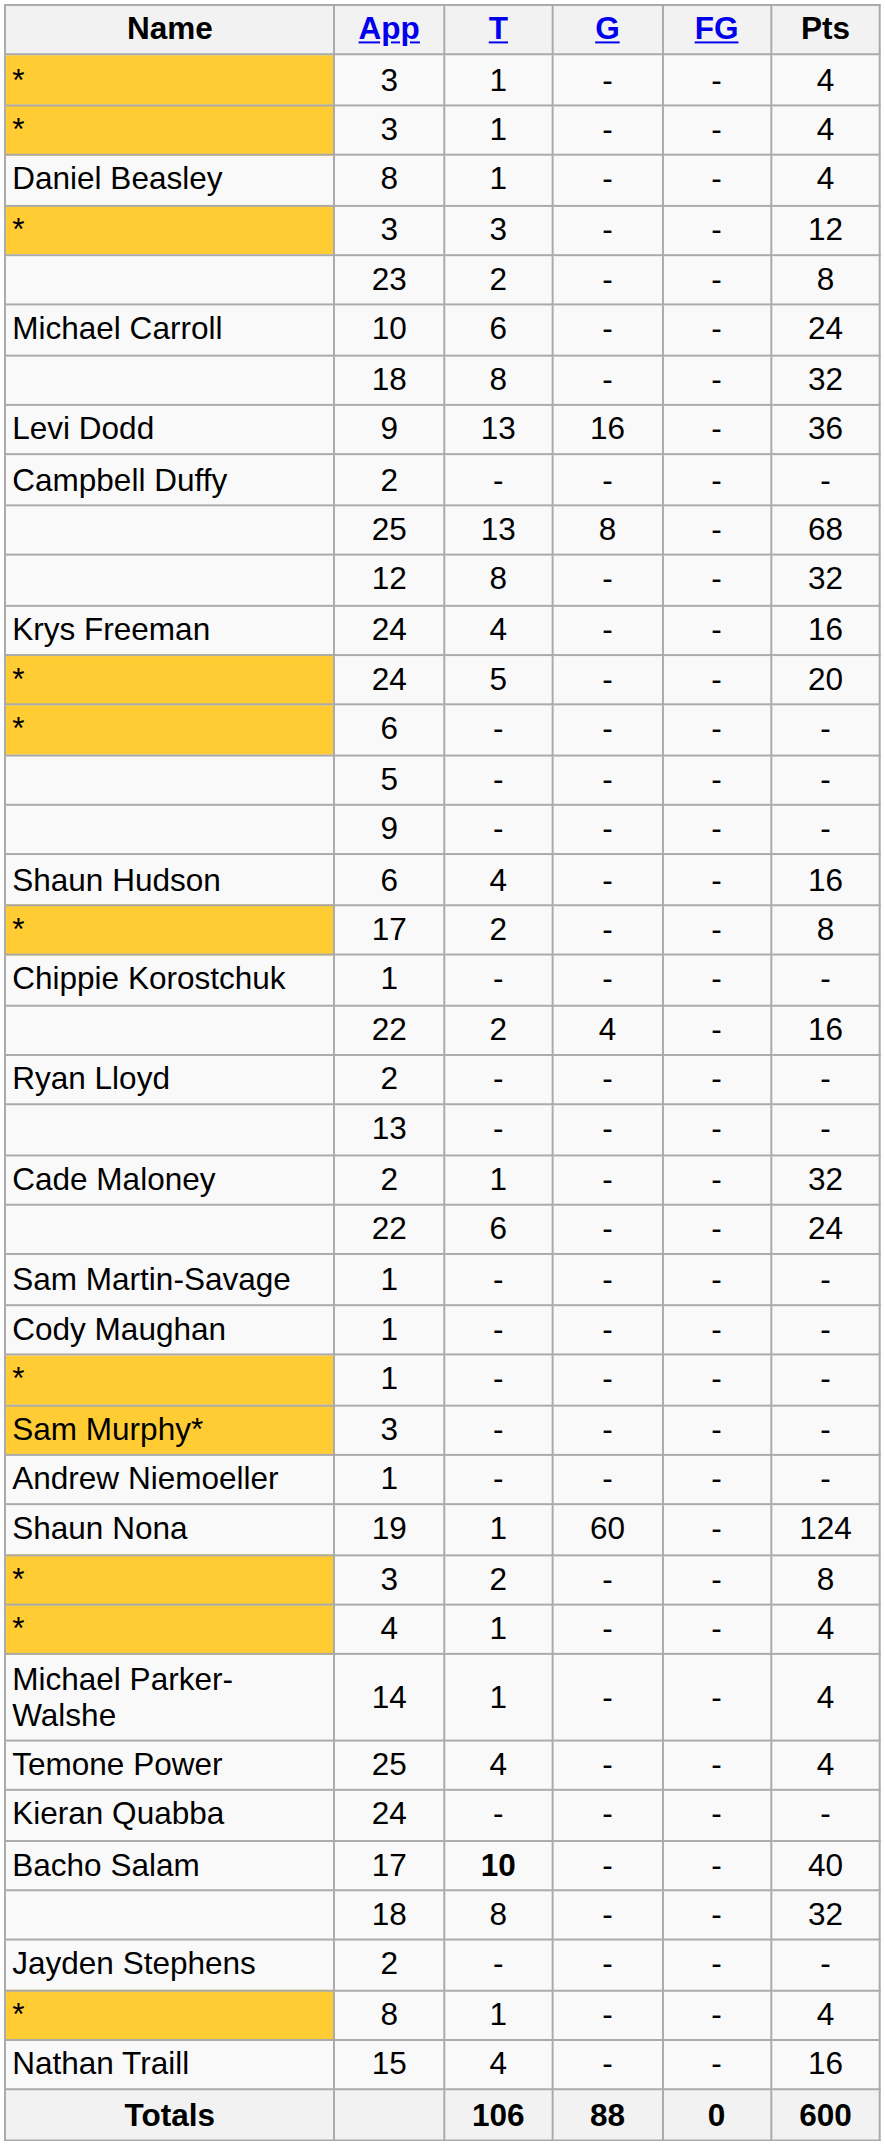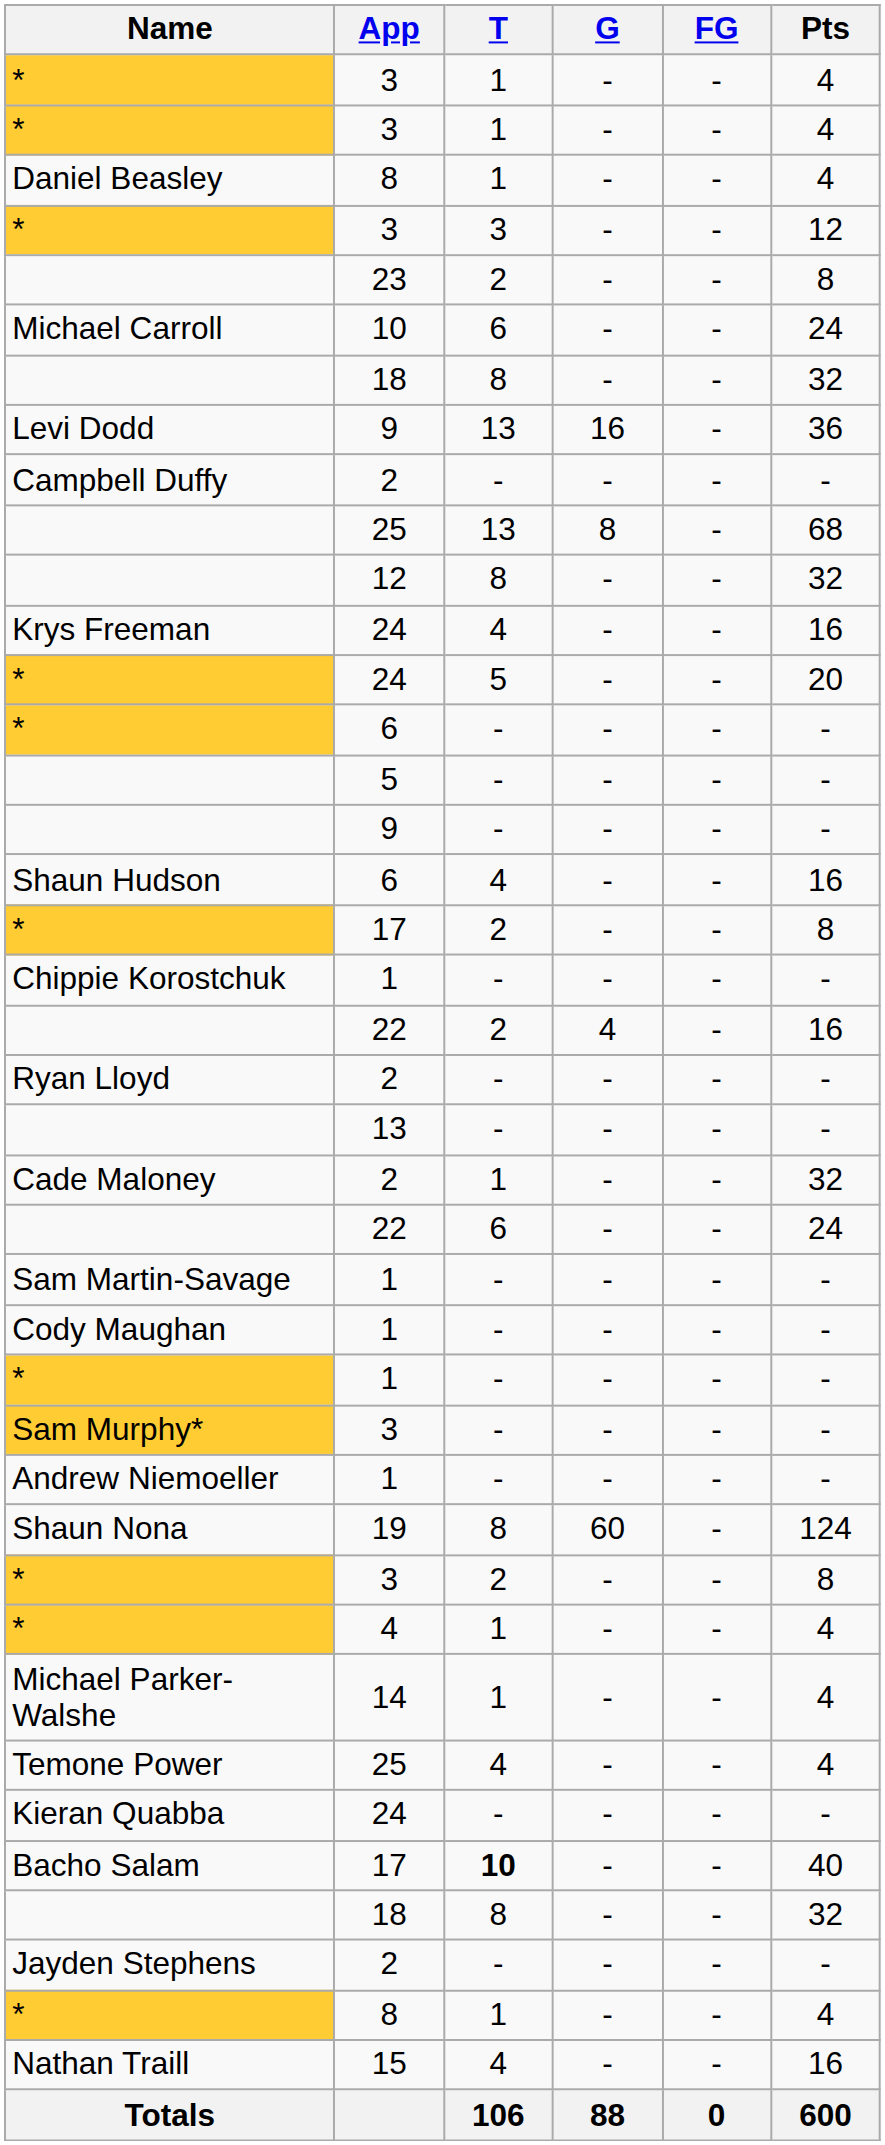 <table class="wikitable sortable" style="text-align: center;">
 <tr>
 <th style="width:10em">Name</th>
 <th style="width:3em"><a href='#'>App</a></th>
 <th style="width:3em"><a href='#'>T</a></th>
 <th style="width:3em"><a href='#'>G</a></th>
 <th style="width:3em"><a href='#'>FG</a></th>
 <th style="width:3em">Pts</th>
 </tr>
 <tr>
 <td style="text-align:left; background:#FC3;">*</td>
 <td>3</td>
 <td>1</td>
 <td>-</td>
 <td>-</td>
 <td>4</td>
 </tr>
 <tr>
 <td style="text-align:left; background:#FC3;">*</td>
 <td>3</td>
 <td>1</td>
 <td>-</td>
 <td>-</td>
 <td>4</td>
 </tr>
 <tr>
 <td style="text-align:left;">Daniel Beasley</td>
 <td>8</td>
 <td>1</td>
 <td>-</td>
 <td>-</td>
 <td>4</td>
 </tr>
 <tr>
 <td style="text-align:left; background:#FC3;">*</td>
 <td>3</td>
 <td>3</td>
 <td>-</td>
 <td>-</td>
 <td>12</td>
 </tr>
 <tr>
 <td style="text-align:left;"></td>
 <td>23</td>
 <td>2</td>
 <td>-</td>
 <td>-</td>
 <td>8</td>
 </tr>
 <tr>
 <td style="text-align:left;">Michael Carroll</td>
 <td>10</td>
 <td>6</td>
 <td>-</td>
 <td>-</td>
 <td>24</td>
 </tr>
 <tr>
 <td style="text-align:left;"></td>
 <td>18</td>
 <td>8</td>
 <td>-</td>
 <td>-</td>
 <td>32</td>
 </tr>
 <tr>
 <td style="text-align:left;">Levi Dodd</td>
 <td>9</td>
 <td>13</td>
 <td>16</td>
 <td>-</td>
 <td>36</td>
 </tr>
 <tr>
 <td style="text-align:left;">Campbell Duffy</td>
 <td>2</td>
 <td>-</td>
 <td>-</td>
 <td>-</td>
 <td>-</td>
 </tr>
 <tr>
 <td style="text-align:left;"></td>
 <td>25</td>
 <td>13</td>
 <td>8</td>
 <td>-</td>
 <td>68</td>
 </tr>
 <tr>
 <td style="text-align:left;"></td>
 <td>12</td>
 <td>8</td>
 <td>-</td>
 <td>-</td>
 <td>32</td>
 </tr>
 <tr>
 <td style="text-align:left;">Krys Freeman</td>
 <td>24</td>
 <td>4</td>
 <td>-</td>
 <td>-</td>
 <td>16</td>
 </tr>
 <tr>
 <td style="text-align:left; background:#FC3;">*</td>
 <td>24</td>
 <td>5</td>
 <td>-</td>
 <td>-</td>
 <td>20</td>
 </tr>
 <tr>
 <td style="text-align:left; background:#FC3;">*</td>
 <td>6</td>
 <td>-</td>
 <td>-</td>
 <td>-</td>
 <td>-</td>
 </tr>
 <tr>
 <td style="text-align:left;"></td>
 <td>5</td>
 <td>-</td>
 <td>-</td>
 <td>-</td>
 <td>-</td>
 </tr>
 <tr>
 <td style="text-align:left;"></td>
 <td>9</td>
 <td>-</td>
 <td>-</td>
 <td>-</td>
 <td>-</td>
 </tr>
 <tr>
 <td style="text-align:left;">Shaun Hudson</td>
 <td>6</td>
 <td>4</td>
 <td>-</td>
 <td>-</td>
 <td>16</td>
 </tr>
 <tr>
 <td style="text-align:left; background:#FC3;">*</td>
 <td>17</td>
 <td>2</td>
 <td>-</td>
 <td>-</td>
 <td>8</td>
 </tr>
 <tr>
 <td style="text-align:left;">Chippie Korostchuk</td>
 <td>1</td>
 <td>-</td>
 <td>-</td>
 <td>-</td>
 <td>-</td>
 </tr>
 <tr>
 <td style="text-align:left;"></td>
 <td>22</td>
 <td>2</td>
 <td>4</td>
 <td>-</td>
 <td>16</td>
 </tr>
 <tr>
 <td style="text-align:left;">Ryan Lloyd</td>
 <td>2</td>
 <td>-</td>
 <td>-</td>
 <td>-</td>
 <td>-</td>
 </tr>
 <tr>
 <td style="text-align:left;"></td>
 <td>13</td>
 <td>-</td>
 <td>-</td>
 <td>-</td>
 <td>-</td>
 </tr>
 <tr>
 <td style="text-align:left;">Cade Maloney</td>
 <td>2</td>
 <td>1</td>
 <td>-</td>
 <td>-</td>
 <td>32</td>
 </tr>
 <tr>
 <td style="text-align:left;"></td>
 <td>22</td>
 <td>6</td>
 <td>-</td>
 <td>-</td>
 <td>24</td>
 </tr>
 <tr>
 <td style="text-align:left;">Sam Martin-Savage</td>
 <td>1</td>
 <td>-</td>
 <td>-</td>
 <td>-</td>
 <td>-</td>
 </tr>
 <tr>
 <td style="text-align:left;">Cody Maughan</td>
 <td>1</td>
 <td>-</td>
 <td>-</td>
 <td>-</td>
 <td>-</td>
 </tr>
 <tr>
 <td style="text-align:left; background:#FC3;">*</td>
 <td>1</td>
 <td>-</td>
 <td>-</td>
 <td>-</td>
 <td>-</td>
 </tr>
 <tr>
 <td style="text-align:left; background:#FC3;">Sam Murphy*</td>
 <td>3</td>
 <td>-</td>
 <td>-</td>
 <td>-</td>
 <td>-</td>
 </tr>
 <tr>
 <td style="text-align:left;">Andrew Niemoeller</td>
 <td>1</td>
 <td>-</td>
 <td>-</td>
 <td>-</td>
 <td>-</td>
 </tr>
 <tr>
 <td style="text-align:left;">Shaun Nona</td>
 <td>19</td>
-<td>1</td>
+<td>8</td>
 <td>60</td>
 <td>-</td>
 <td>124</td>
 </tr>
 <tr>
 <td style="text-align:left; background:#FC3;">*</td>
 <td>3</td>
 <td>2</td>
 <td>-</td>
 <td>-</td>
 <td>8</td>
 </tr>
 <tr>
 <td style="text-align:left; background:#FC3;">*</td>
 <td>4</td>
 <td>1</td>
 <td>-</td>
 <td>-</td>
 <td>4</td>
 </tr>
 <tr>
 <td style="text-align:left;">Michael Parker-Walshe</td>
 <td>14</td>
 <td>1</td>
 <td>-</td>
 <td>-</td>
 <td>4</td>
 </tr>
 <tr>
 <td style="text-align:left;">Temone Power</td>
 <td>25</td>
 <td>4</td>
 <td>-</td>
 <td>-</td>
 <td>4</td>
 </tr>
 <tr>
 <td style="text-align:left;">Kieran Quabba</td>
 <td>24</td>
 <td>-</td>
 <td>-</td>
 <td>-</td>
 <td>-</td>
 </tr>
 <tr>
 <td style="text-align:left;">Bacho Salam</td>
 <td>17</td>
 <td><strong>10</strong></td>
 <td>-</td>
 <td>-</td>
 <td>40</td>
 </tr>
 <tr>
 <td style="text-align:left;"></td>
 <td>18</td>
 <td>8</td>
 <td>-</td>
 <td>-</td>
 <td>32</td>
 </tr>
 <tr>
 <td style="text-align:left;">Jayden Stephens</td>
 <td>2</td>
 <td>-</td>
 <td>-</td>
 <td>-</td>
 <td>-</td>
 </tr>
 <tr>
 <td style="text-align:left; background:#FC3;">*</td>
 <td>8</td>
 <td>1</td>
 <td>-</td>
 <td>-</td>
 <td>4</td>
 </tr>
 <tr>
 <td style="text-align:left;">Nathan Traill</td>
 <td>15</td>
 <td>4</td>
 <td>-</td>
 <td>-</td>
 <td>16</td>
 </tr>
 <tr class="sortbottom">
 <th>Totals</th>
 <th></th>
 <th>106</th>
 <th>88</th>
 <th>0</th>
 <th>600</th>
 </tr>
 </table>
